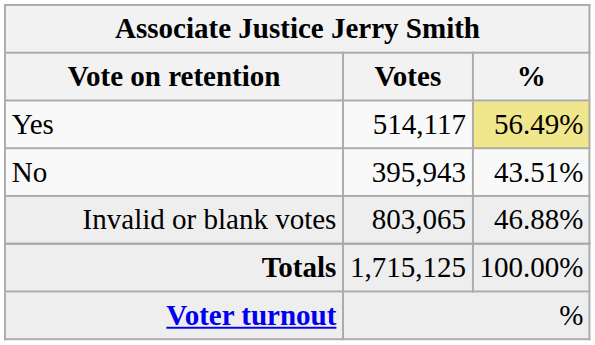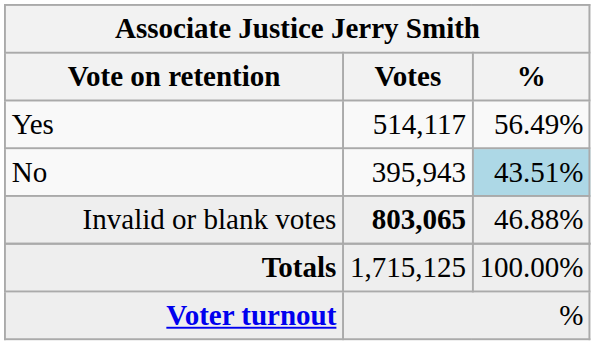 <table class="wikitable" style="font-size: 95%;">
 <tr style="background-color:#E9E9E9">
 <th colspan=7>Associate Justice Jerry Smith</th>
 </tr>
 <tr style="background-color:#E9E9E9">
 <th style="width: 170px">Vote on retention</th>
 <th style="width: 50px">Votes</th>
 <th style="width: 40px">%</th>
 </tr>
 <tr>
 <td>Yes</td>
 <td align="right">514,117</td>
-<td align="right" style="background: khaki;">56.49%</td>
+<td align="right">56.49%</td>
 </tr>
 <tr>
 <td>No</td>
 <td align="right">395,943</td>
-<td align="right">43.51%</td>
+<td align="right" style="background: lightblue;">43.51%</td>
 </tr>
 <tr style="background-color:#EEEEEE">
 <td align="right">Invalid or blank votes</td>
-<td align="right">803,065</td>
+<td align="right"><strong>803,065</strong></td>
 <td align="right">46.88%</td>
 </tr>
 <tr>
 </tr>
 <tr style="background-color:#EEEEEE">
 <td colspan="1" align="right"><strong>Totals</strong></td>
 <td align="right">1,715,125</td>
 <td align="right">100.00%</td>
 </tr>
 <tr style="background-color:#EEEEEE">
 <td align="right"><strong><a href='#'>Voter turnout</a></strong></td>
 <td colspan="2" align="right">%</td>
 </tr>
 </table>
